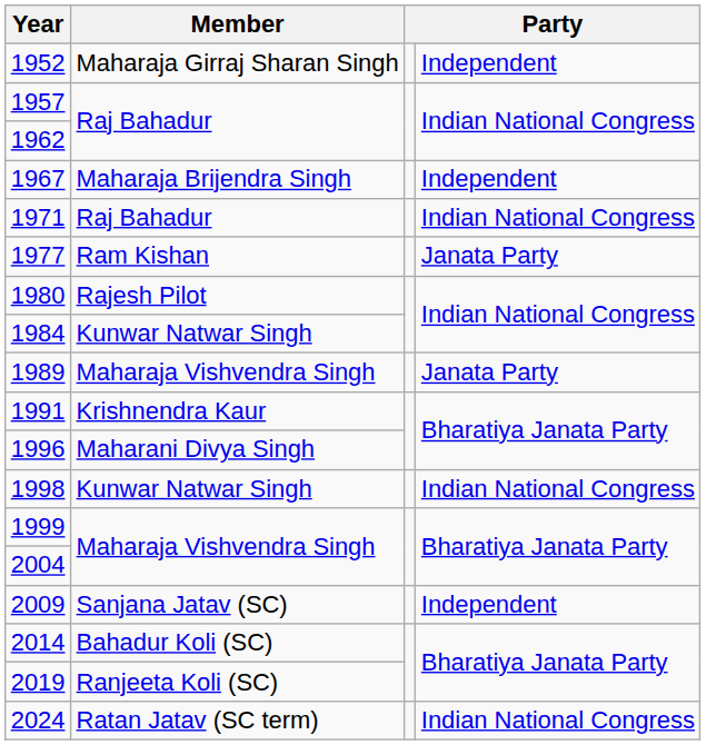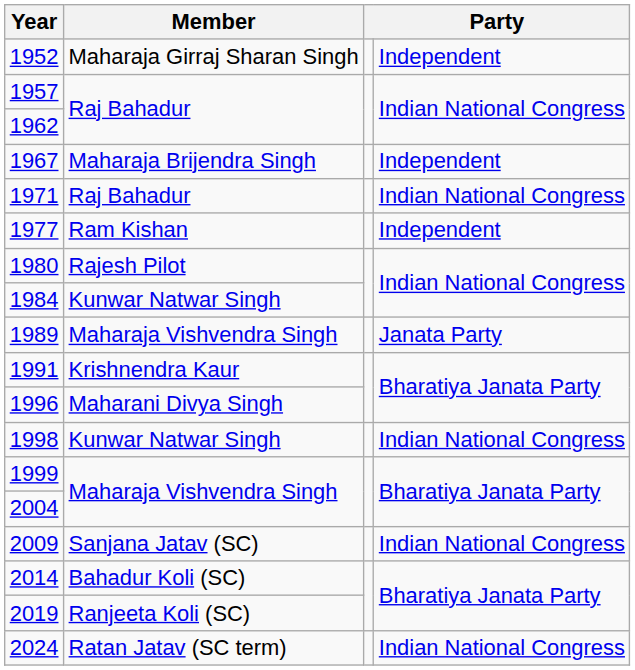 <table class="wikitable">
 <tr>
 <th>Year</th>
 <th>Member</th>
 <th colspan="2">Party</th>
 </tr>
 <tr>
 <td><a href='#'>1952</a></td>
 <td>Maharaja Girraj Sharan Singh</td>
 <td style="background-color: "></td>
 <td><a href='#'>Independent</a></td>
 </tr>
 <tr>
 <td><a href='#'>1957</a></td>
 <td rowspan="2"><a href='#'>Raj Bahadur</a></td>
 <td rowspan="2" style="background-color: "></td>
 <td rowspan="2"><a href='#'>Indian National Congress</a></td>
 </tr>
 <tr>
 <td><a href='#'>1962</a></td>
 </tr>
 <tr>
 <td><a href='#'>1967</a></td>
 <td><a href='#'>Maharaja Brijendra Singh</a></td>
 <td style="background-color: "></td>
 <td><a href='#'>Independent</a></td>
 </tr>
 <tr>
 <td><a href='#'>1971</a></td>
 <td><a href='#'>Raj Bahadur</a></td>
 <td style="background-color: "></td>
 <td><a href='#'>Indian National Congress</a></td>
 </tr>
 <tr>
 <td><a href='#'>1977</a></td>
 <td><a href='#'>Ram Kishan</a></td>
 <td style="background-color: "></td>
-<td><a href='#'>Janata Party</a></td>
+<td><a href='#'>Independent</a></td>
 </tr>
 <tr>
 <td><a href='#'>1980</a></td>
 <td><a href='#'>Rajesh Pilot</a></td>
 <td rowspan="2" style="background-color: "></td>
 <td rowspan="2"><a href='#'>Indian National Congress</a></td>
 </tr>
 <tr>
 <td><a href='#'>1984</a></td>
 <td><a href='#'>Kunwar Natwar Singh</a></td>
 </tr>
 <tr>
 <td><a href='#'>1989</a></td>
 <td><a href='#'>Maharaja Vishvendra Singh</a></td>
 <td style="background-color: "></td>
 <td><a href='#'>Janata Party</a></td>
 </tr>
 <tr>
 <td><a href='#'>1991</a></td>
 <td><a href='#'>Krishnendra Kaur</a></td>
 <td rowspan="2" style="background-color: "></td>
 <td rowspan="2"><a href='#'>Bharatiya Janata Party</a></td>
 </tr>
 <tr>
 <td><a href='#'>1996</a></td>
 <td><a href='#'>Maharani Divya Singh</a></td>
 </tr>
 <tr>
 <td><a href='#'>1998</a></td>
 <td><a href='#'>Kunwar Natwar Singh</a></td>
 <td style="background-color: "></td>
 <td><a href='#'>Indian National Congress</a></td>
 </tr>
 <tr>
 <td><a href='#'>1999</a></td>
 <td rowspan="2"><a href='#'>Maharaja Vishvendra Singh</a></td>
 <td rowspan="2" style="background-color: "></td>
 <td rowspan="2"><a href='#'>Bharatiya Janata Party</a></td>
 </tr>
 <tr>
 <td><a href='#'>2004</a></td>
 </tr>
 <tr>
 <td><a href='#'>2009</a></td>
 <td><a href='#'>Sanjana Jatav</a> (SC)</td>
 <td style="background-color: "></td>
-<td><a href='#'>Independent</a></td>
+<td><a href='#'>Indian National Congress</a></td>
 </tr>
 <tr>
 <td><a href='#'>2014</a></td>
 <td><a href='#'>Bahadur Koli</a> (SC)</td>
 <td rowspan="2" style="background-color: "></td>
 <td rowspan="2"><a href='#'>Bharatiya Janata Party</a></td>
 </tr>
 <tr>
 <td><a href='#'>2019</a></td>
 <td><a href='#'>Ranjeeta Koli</a> (SC)</td>
 </tr>
 <tr>
 <td><a href='#'>2024</a></td>
 <td><a href='#'>Ratan Jatav</a> (SC term)</td>
 <td style="background-color: "></td>
 <td><a href='#'>Indian National Congress</a></td>
 </tr>
 </table>
